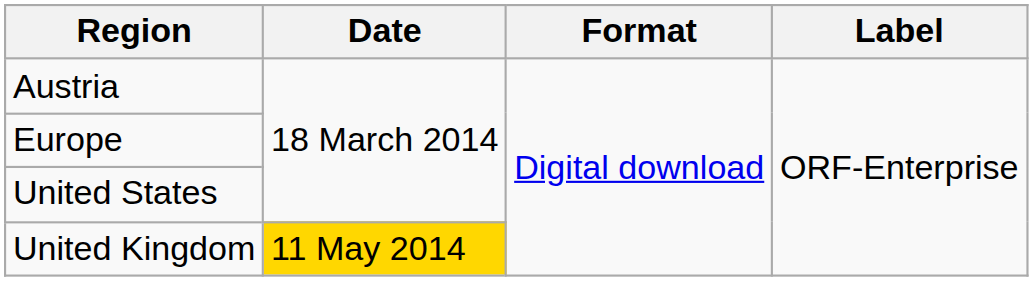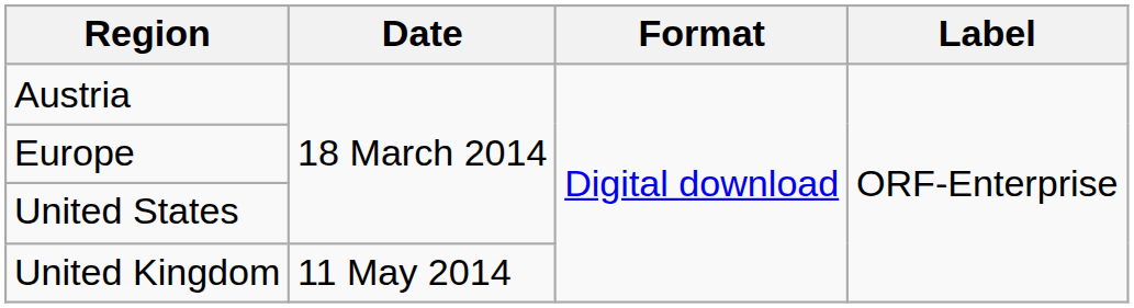 <table class=wikitable>
 <tr>
 <th>Region</th>
 <th>Date</th>
 <th>Format</th>
 <th>Label</th>
 </tr>
 <tr>
 <td>Austria</td>
 <td rowspan="3">18 March 2014</td>
 <td rowspan="4"><a href='#'>Digital download</a></td>
 <td rowspan="4">ORF-Enterprise</td>
 </tr>
 <tr>
 <td>Europe</td>
 </tr>
 <tr>
 <td>United States</td>
 </tr>
 <tr>
 <td>United Kingdom</td>
-<td style="background: gold;">11 May 2014</td>
+<td>11 May 2014</td>
 </tr>
 </table>
